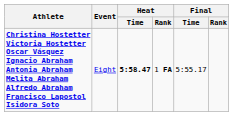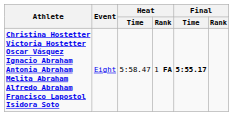 <table class=wikitable style=font-size:90%;text-align:center>
 <tr>
 <th rowspan=2>Athlete</th>
 <th rowspan=2>Event</th>
 <th colspan=2>Heat</th>
 <th colspan=2>Final</th>
 </tr>
 <tr style=font-size:95%>
 <th>Time</th>
 <th>Rank</th>
 <th>Time</th>
 <th>Rank</th>
 </tr>
 <tr>
 <td style="text-align:left"><strong><a href='#'>Christina Hostetter</a><br><a href='#'>Victoria Hostetter</a><br><a href='#'>Oscar Vásquez</a><br><a href='#'>Ignacio Abraham</a><br><a href='#'>Antonia Abraham</a><br><a href='#'>Melita Abraham</a><br><a href='#'>Alfredo Abraham</a><br><a href='#'>Francisco Lapostol</a><br><a href='#'>Isidora Soto</a></strong></td>
 <td style="text-align:left"><a href='#'>Eight</a></td>
-<td><strong>5:58.47</strong></td>
+<td>5:58.47</td>
 <td>1 <strong>FA</strong></td>
-<td>5:55.17</td>
+<td><strong>5:55.17</strong></td>
 <td></td>
 </tr>
 </table>
